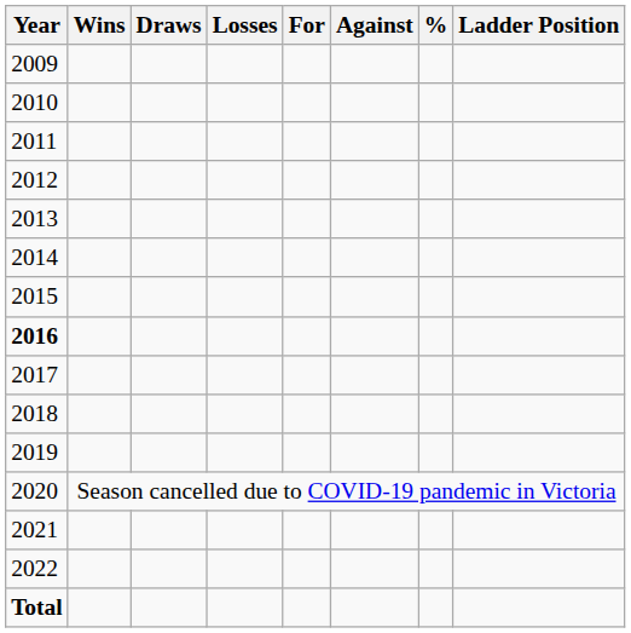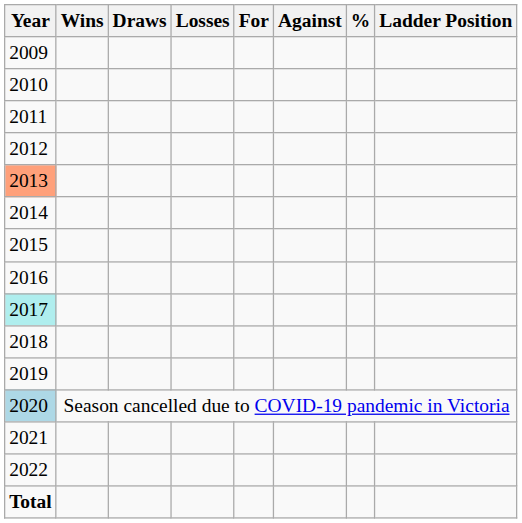 <table class="wikitable sortable"   style="font-size: 95%;">
 <tr>
 <th>Year</th>
 <th>Wins</th>
 <th>Draws</th>
 <th>Losses</th>
 <th>For</th>
 <th>Against</th>
 <th>%</th>
 <th>Ladder Position</th>
 </tr>
 <tr>
 <td>2009</td>
 <td></td>
 <td></td>
 <td></td>
 <td></td>
 <td></td>
 <td></td>
 <td></td>
 </tr>
 <tr>
 <td>2010</td>
 <td></td>
 <td></td>
 <td></td>
 <td></td>
 <td></td>
 <td></td>
 <td></td>
 </tr>
 <tr>
 <td>2011</td>
 <td></td>
 <td></td>
 <td></td>
 <td></td>
 <td></td>
 <td></td>
 <td></td>
 </tr>
 <tr>
 <td>2012</td>
 <td></td>
 <td></td>
 <td></td>
 <td></td>
 <td></td>
 <td></td>
 <td></td>
 </tr>
 <tr>
-<td>2013</td>
+<td style="background: lightsalmon;">2013</td>
 <td></td>
 <td></td>
 <td></td>
 <td></td>
 <td></td>
 <td></td>
 <td></td>
 </tr>
 <tr>
 <td>2014</td>
 <td></td>
 <td></td>
 <td></td>
 <td></td>
 <td></td>
 <td></td>
 <td></td>
 </tr>
 <tr>
 <td>2015</td>
 <td></td>
 <td></td>
 <td></td>
 <td></td>
 <td></td>
 <td></td>
 <td></td>
 </tr>
 <tr>
-<td><strong>2016</strong></td>
+<td>2016</td>
 <td></td>
 <td></td>
 <td></td>
 <td></td>
 <td></td>
 <td></td>
 <td></td>
 </tr>
 <tr>
-<td>2017</td>
+<td style="background: paleturquoise;">2017</td>
 <td></td>
 <td></td>
 <td></td>
 <td></td>
 <td></td>
 <td></td>
 <td></td>
 </tr>
 <tr>
 <td>2018</td>
 <td></td>
 <td></td>
 <td></td>
 <td></td>
 <td></td>
 <td></td>
 <td></td>
 </tr>
 <tr>
 <td>2019</td>
 <td></td>
 <td></td>
 <td></td>
 <td></td>
 <td></td>
 <td></td>
 <td></td>
 </tr>
 <tr>
-<td>2020</td>
+<td style="background: lightblue;">2020</td>
 <td colspan=8 align=center>Season cancelled due to <a href='#'>COVID-19 pandemic in Victoria</a></td>
 </tr>
 <tr>
 <td>2021</td>
 <td></td>
 <td></td>
 <td></td>
 <td></td>
 <td></td>
 <td></td>
 <td></td>
 </tr>
 <tr>
 <td>2022</td>
 <td></td>
 <td></td>
 <td></td>
 <td></td>
 <td></td>
 <td></td>
 <td></td>
 </tr>
 <tr>
 <td><strong>Total</strong></td>
 <td></td>
 <td></td>
 <td></td>
 <td></td>
 <td></td>
 <td></td>
 <td></td>
 </tr>
 </table>
